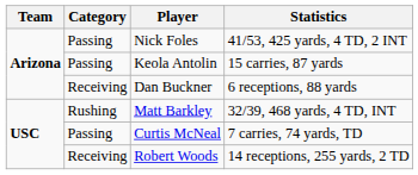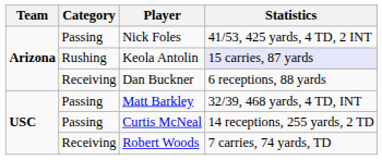 <table class="wikitable" style="float: right;">
 <tr>
 <th>Team</th>
 <th>Category</th>
 <th>Player</th>
 <th>Statistics</th>
 </tr>
 <tr>
 <td rowspan=3><strong>Arizona</strong></td>
 <td>Passing</td>
 <td>Nick Foles</td>
 <td>41/53, 425 yards, 4 TD, 2 INT</td>
 </tr>
 <tr>
-<td>Passing</td>
+<td>Rushing</td>
 <td>Keola Antolin</td>
-<td>15 carries, 87 yards</td>
+<td style="background: lavender;">15 carries, 87 yards</td>
 </tr>
 <tr>
 <td>Receiving</td>
 <td>Dan Buckner</td>
 <td>6 receptions, 88 yards</td>
 </tr>
 <tr>
 <td rowspan=3><strong>USC</strong></td>
-<td>Rushing</td>
+<td>Passing</td>
 <td><a href='#'>Matt Barkley</a></td>
 <td>32/39, 468 yards, 4 TD, INT</td>
 </tr>
 <tr>
 <td>Passing</td>
 <td><a href='#'>Curtis McNeal</a></td>
-<td>7 carries, 74 yards, TD</td>
+<td>14 receptions, 255 yards, 2 TD</td>
 </tr>
 <tr>
 <td>Receiving</td>
 <td><a href='#'>Robert Woods</a></td>
-<td>14 receptions, 255 yards, 2 TD</td>
+<td>7 carries, 74 yards, TD</td>
 </tr>
 </table>
